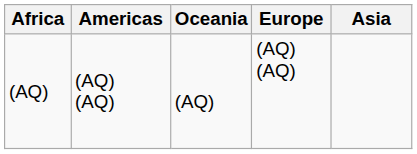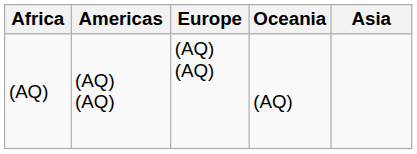 <table class="wikitable">
 <tr>
 <th>Africa</th>
 <th>Americas</th>
+<th>Europe</th>
 <th style="width:20%;">Oceania</th>
-<th>Europe</th>
 <th style="width:20%;">Asia</th>
 </tr>
 <tr>
 <td> (AQ)</td>
 <td> (AQ)<br> (AQ)</td>
+<td> (AQ)<br> (AQ)<br><br><br><br></td>
 <td><br> (AQ)<br></td>
-<td> (AQ)<br> (AQ)<br><br><br><br></td>
 <td><br></td>
 </tr>
 </table>
